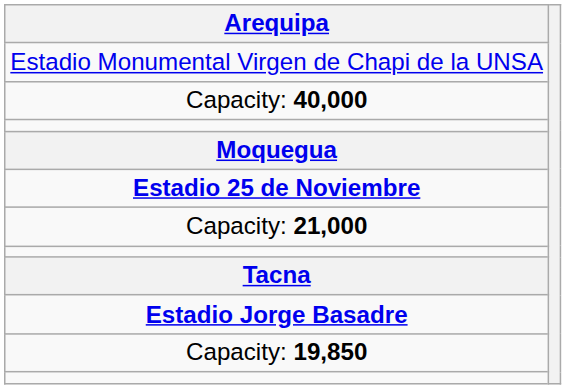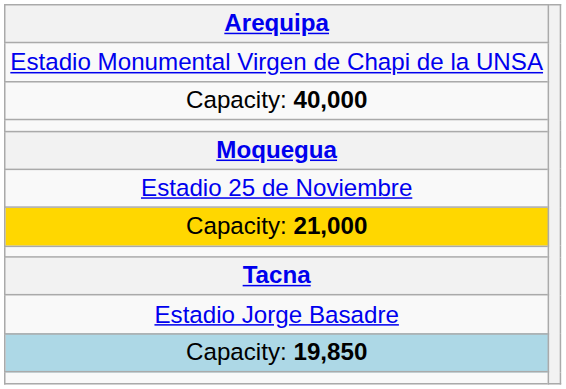 <table class=wikitable style="text-align:center">
 <tr>
 <th><a href='#'>Arequipa</a></th>
 <th rowspan=12></th>
 </tr>
 <tr>
 <td><a href='#'>Estadio Monumental Virgen de Chapi de la UNSA</a></td>
 </tr>
 <tr>
 <td>Capacity: <strong>40,000</strong></td>
 </tr>
 <tr>
 <td></td>
 </tr>
 <tr>
 <th><a href='#'>Moquegua</a></th>
 </tr>
 <tr>
-<td><strong><a href='#'>Estadio 25 de Noviembre</a></strong></td>
+<td><a href='#'>Estadio 25 de Noviembre</a></td>
 </tr>
 <tr>
-<td>Capacity: <strong>21,000</strong></td>
+<td style="background: gold;">Capacity: <strong>21,000</strong></td>
 </tr>
 <tr>
 <td></td>
 </tr>
 <tr>
 <th><a href='#'>Tacna</a></th>
 </tr>
 <tr>
-<td><strong><a href='#'>Estadio Jorge Basadre</a></strong></td>
+<td><a href='#'>Estadio Jorge Basadre</a></td>
 </tr>
 <tr>
-<td>Capacity: <strong>19,850</strong></td>
+<td style="background: lightblue;">Capacity: <strong>19,850</strong></td>
 </tr>
 <tr>
 <td></td>
 </tr>
 </table>
